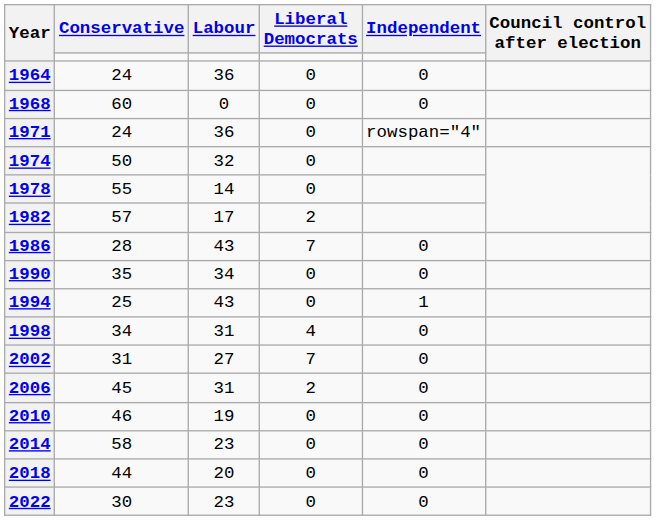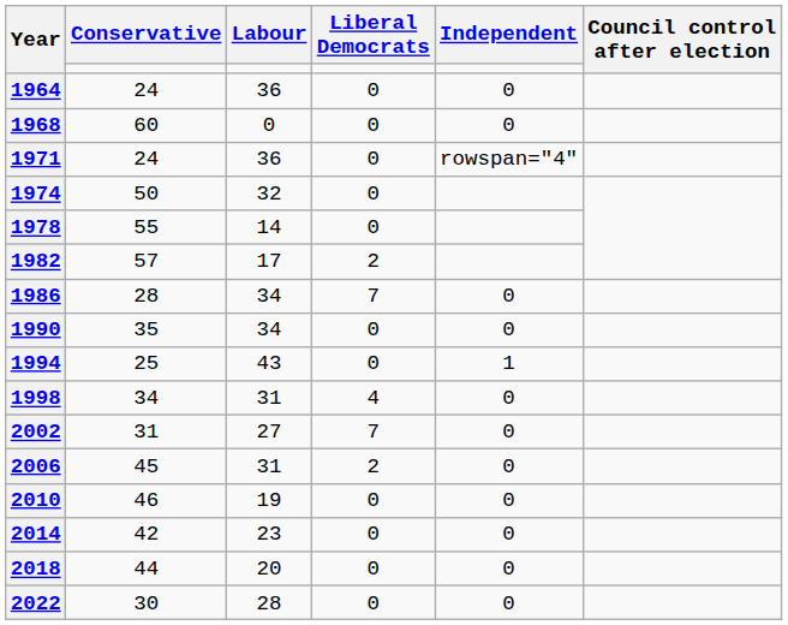 <table class="wikitable plainrowheaders" style="text-align:center">
 <tr>
 <th scope="col" rowspan="2">Year</th>
 <th scope="col"><a href='#'>Conservative</a></th>
 <th scope="col"><a href='#'>Labour</a></th>
 <th scope="col" style="width:1px"><a href='#'>Liberal Democrats</a></th>
 <th scope="col"><a href='#'>Independent</a></th>
 <th scope="col" rowspan="2" colspan="2">Council control<br>after election</th>
 </tr>
 <tr>
 <td style="background:"></td>
 <td style="background:"></td>
 <td style="background:"></td>
 <td style="background:"></td>
 </tr>
 <tr>
 <th scope="row"><a href='#'>1964</a></th>
 <td>24</td>
 <td>36</td>
 <td>0</td>
 <td>0</td>
 <td></td>
 </tr>
 <tr>
 <th scope="row"><a href='#'>1968</a></th>
 <td>60</td>
 <td>0</td>
 <td>0</td>
 <td>0</td>
 <td></td>
 </tr>
 <tr>
 <th scope="row"><a href='#'>1971</a></th>
 <td>24</td>
 <td>36</td>
 <td>0</td>
 <td>rowspan="4" </td>
 <td></td>
 </tr>
 <tr>
 <th scope="row"><a href='#'>1974</a></th>
 <td>50</td>
 <td>32</td>
 <td>0</td>
 <td></td>
 </tr>
 <tr>
 <th scope="row"><a href='#'>1978</a></th>
 <td>55</td>
 <td>14</td>
 <td>0</td>
 <td></td>
 </tr>
 <tr>
 <th scope="row"><a href='#'>1982</a></th>
 <td>57</td>
 <td>17</td>
 <td>2</td>
 <td></td>
 </tr>
 <tr>
 <th scope="row"><a href='#'>1986</a></th>
 <td>28</td>
-<td>43</td>
+<td>34</td>
 <td>7</td>
 <td>0</td>
 <td></td>
 </tr>
 <tr>
 <th scope="row"><a href='#'>1990</a></th>
 <td>35</td>
 <td>34</td>
 <td>0</td>
 <td>0</td>
 <td></td>
 </tr>
 <tr>
 <th scope="row"><a href='#'>1994</a></th>
 <td>25</td>
 <td>43</td>
 <td>0</td>
 <td>1</td>
 <td></td>
 </tr>
 <tr>
 <th scope="row"><a href='#'>1998</a></th>
 <td>34</td>
 <td>31</td>
 <td>4</td>
 <td>0</td>
 <td></td>
 </tr>
 <tr>
 <th scope="row"><a href='#'>2002</a></th>
 <td>31</td>
 <td>27</td>
 <td>7</td>
 <td>0</td>
 <td></td>
 </tr>
 <tr>
 <th scope="row"><a href='#'>2006</a></th>
 <td>45</td>
 <td>31</td>
 <td>2</td>
 <td>0</td>
 <td></td>
 </tr>
 <tr>
 <th scope="row"><a href='#'>2010</a></th>
 <td>46</td>
 <td>19</td>
 <td>0</td>
 <td>0</td>
 <td></td>
 </tr>
 <tr>
 <th scope="row"><a href='#'>2014</a></th>
-<td>58</td>
+<td>42</td>
 <td>23</td>
 <td>0</td>
 <td>0</td>
 <td></td>
 </tr>
 <tr>
 <th scope="row"><a href='#'>2018</a></th>
 <td>44</td>
 <td>20</td>
 <td>0</td>
 <td>0</td>
 <td></td>
 </tr>
 <tr>
 <th scope="row"><a href='#'>2022</a></th>
 <td>30</td>
-<td>23</td>
+<td>28</td>
 <td>0</td>
 <td>0</td>
 <td></td>
 </tr>
 </table>
